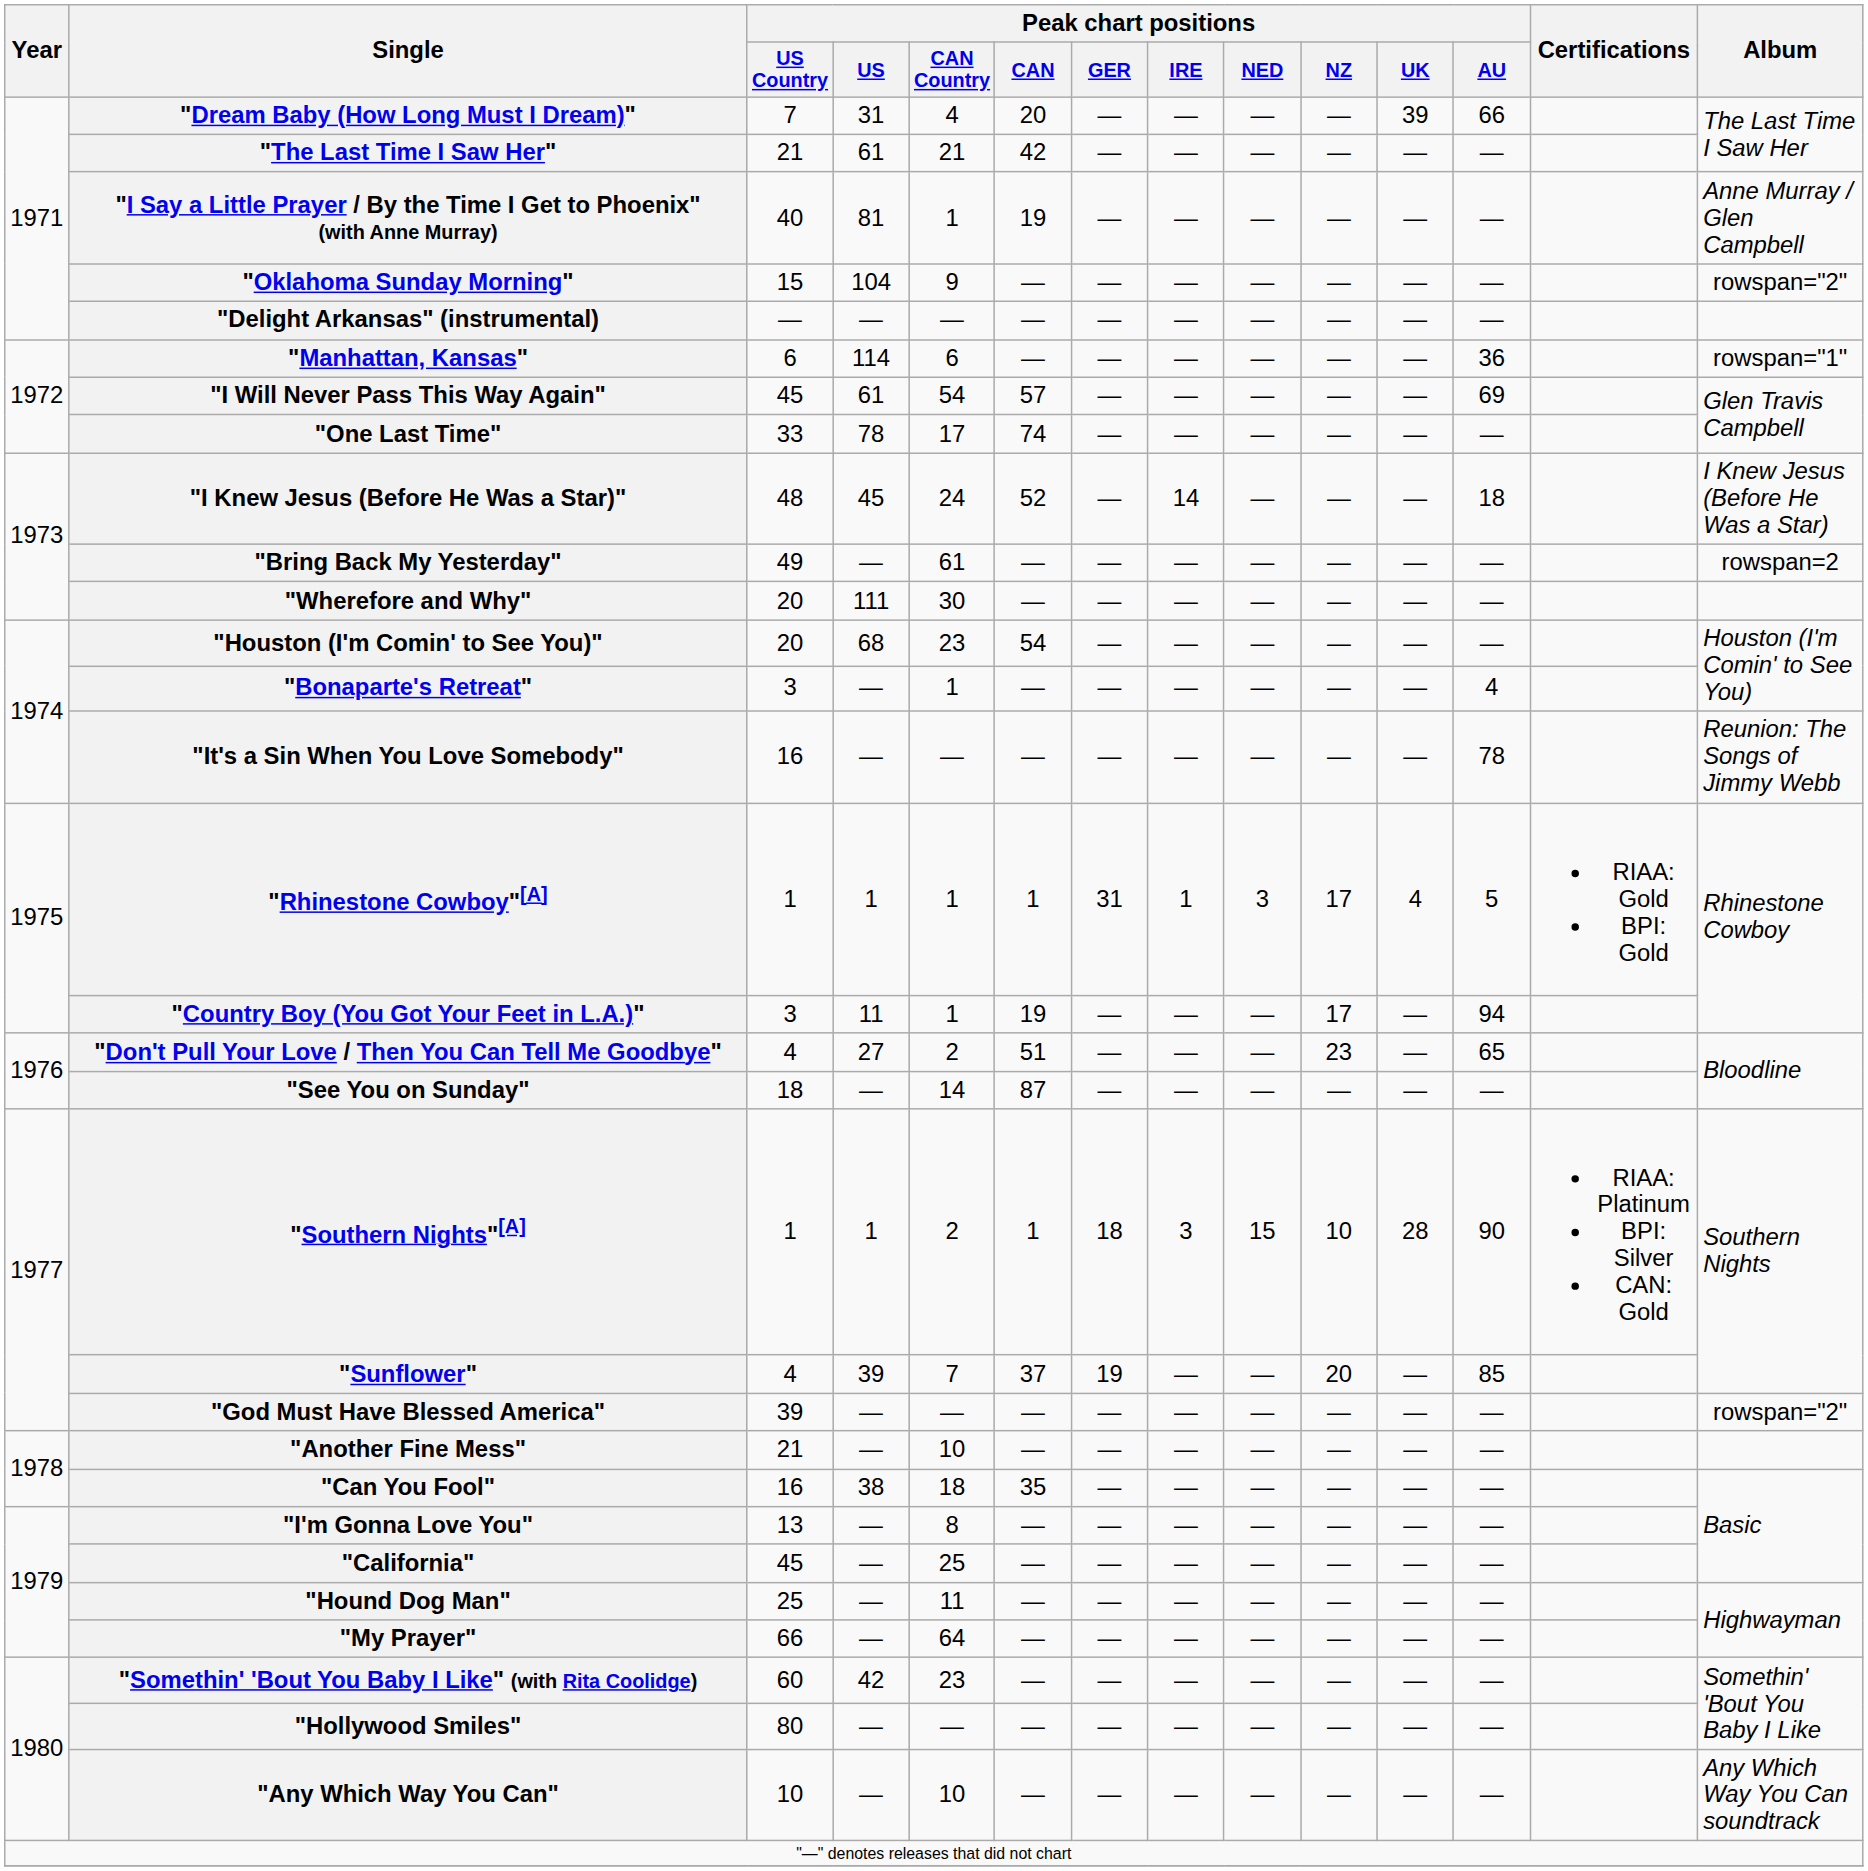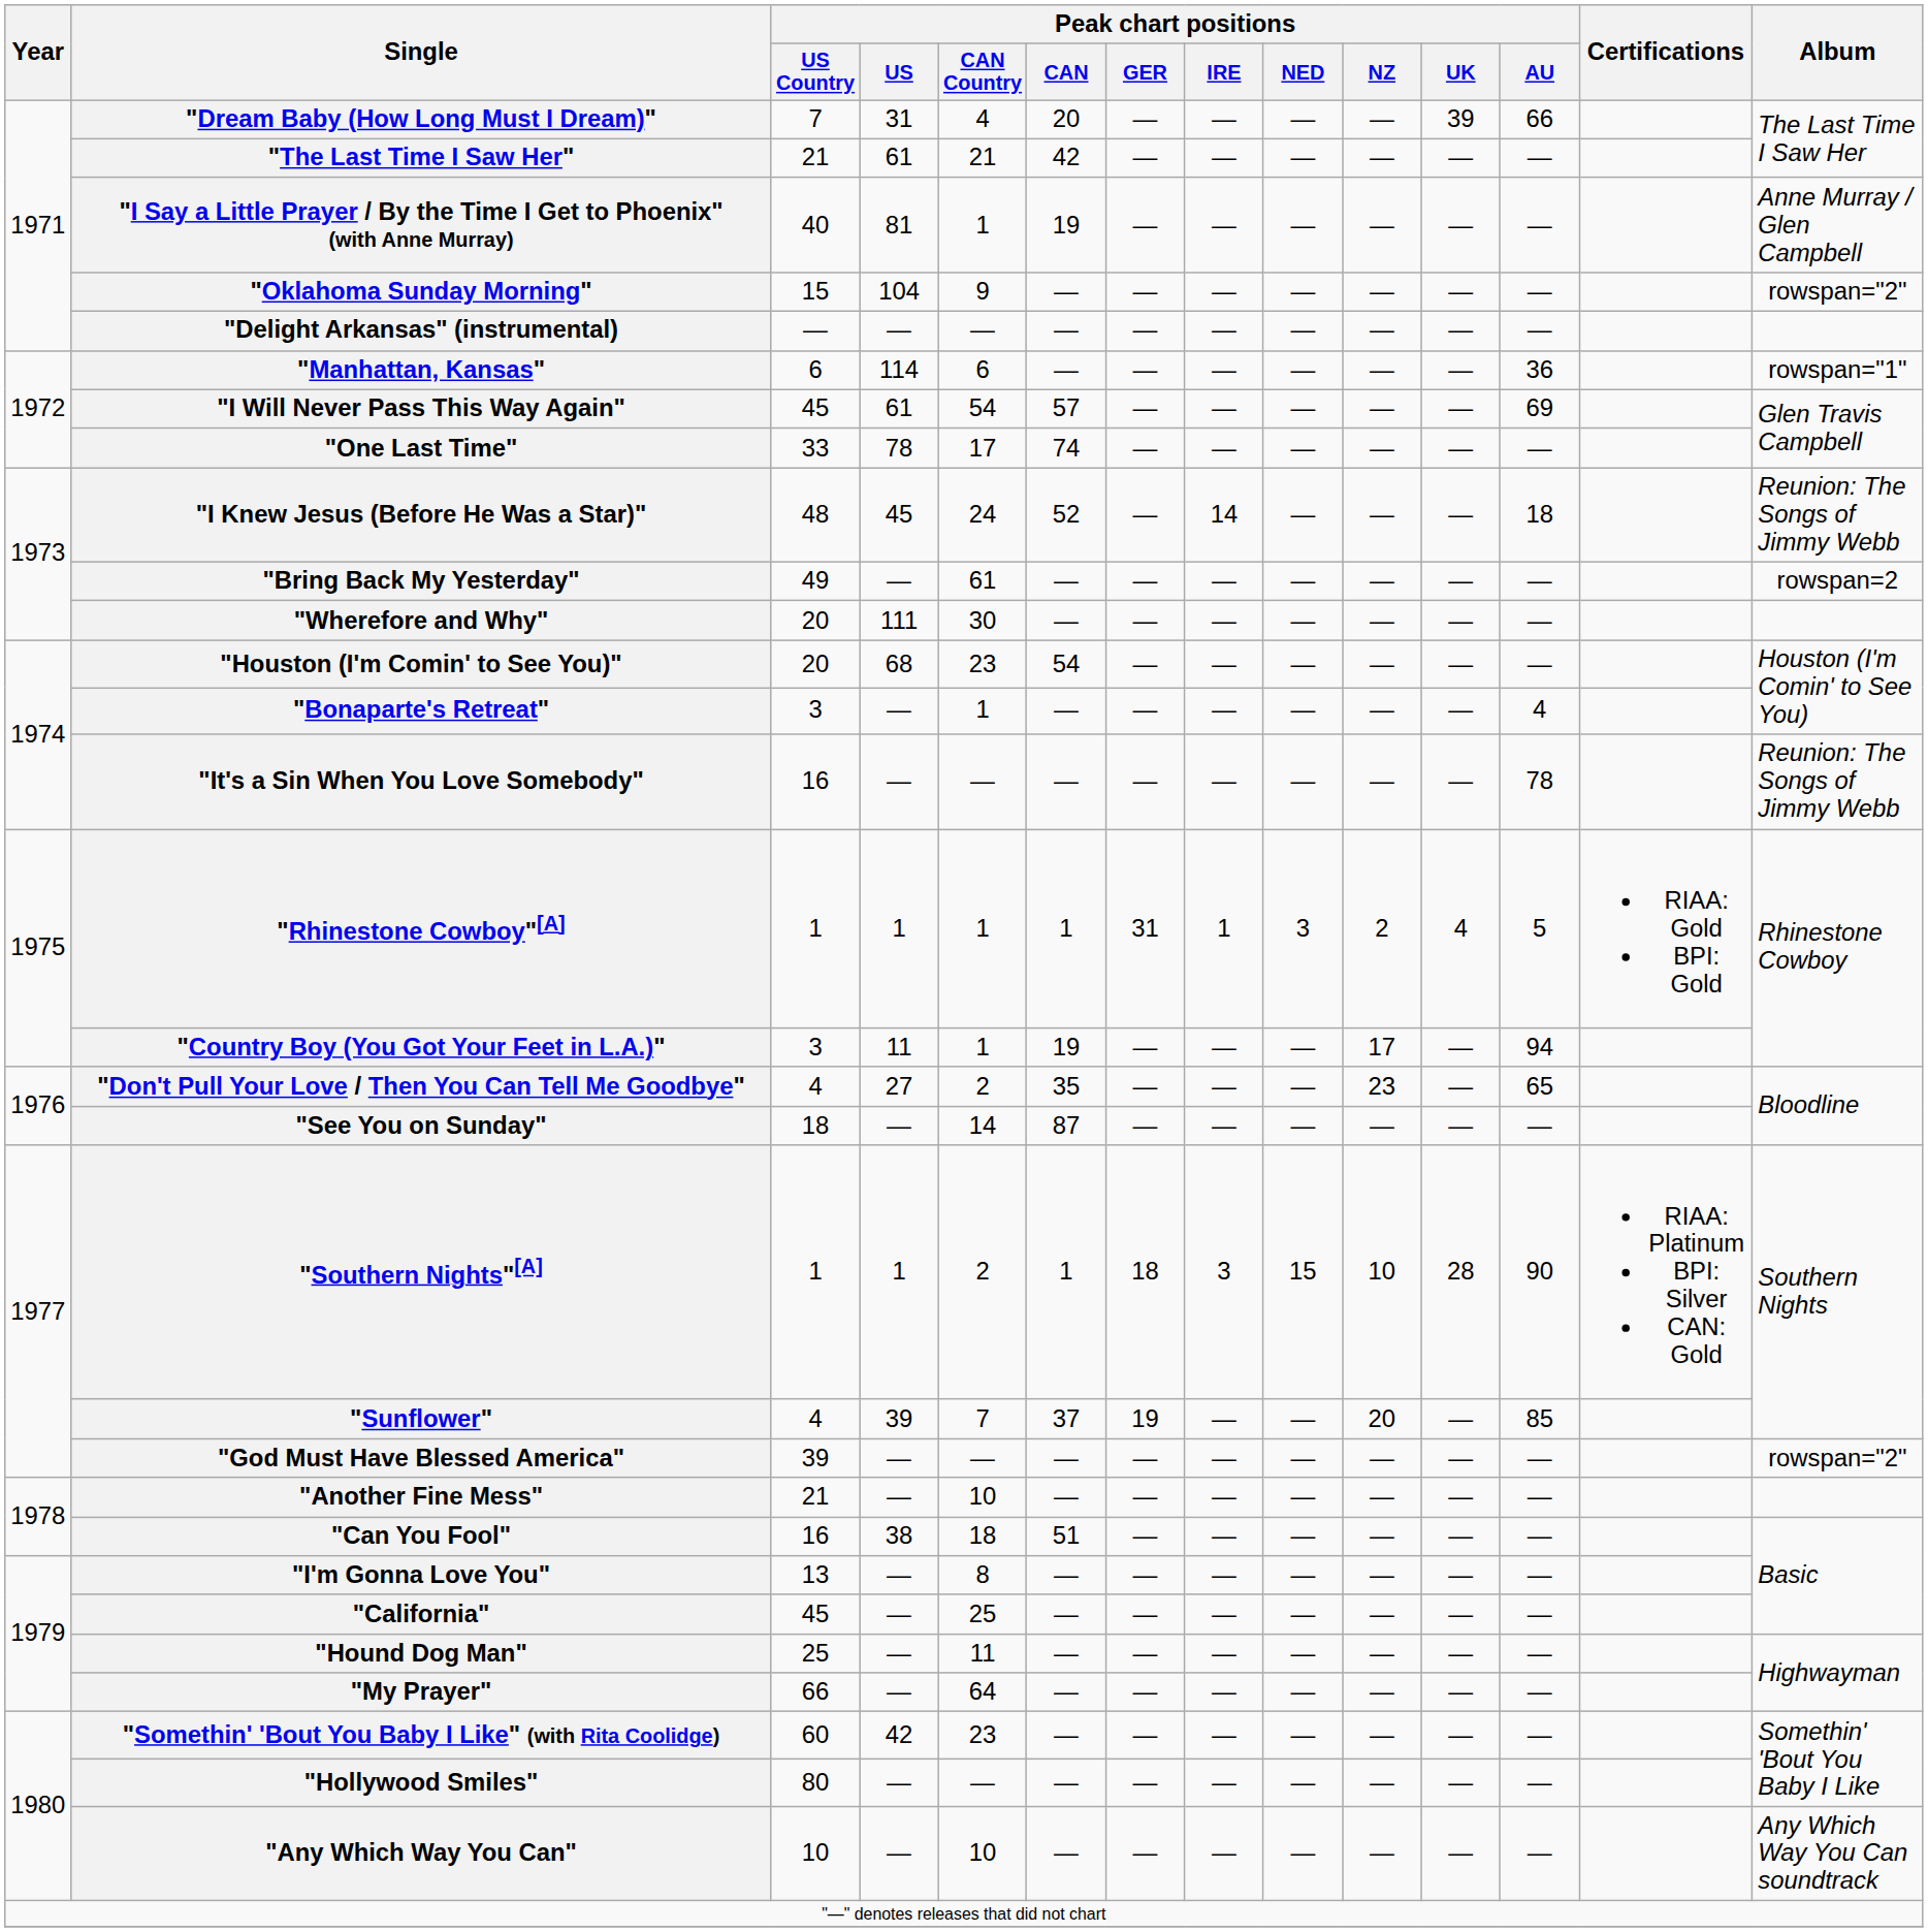 <table class="wikitable plainrowheaders" style="text-align:center;">
 <tr>
 <th rowspan="2">Year</th>
 <th rowspan="2" style="width:28em;">Single</th>
 <th colspan="10">Peak chart positions</th>
 <th rowspan="2">Certifications</th>
 <th rowspan="2">Album</th>
 </tr>
 <tr style="font-size:smaller;">
 <th width="45"><a href='#'>US Country</a><br></th>
 <th width="45"><a href='#'>US</a><br></th>
 <th width="45"><a href='#'>CAN Country</a><br></th>
 <th width="45"><a href='#'>CAN</a><br></th>
 <th width="45"><a href='#'>GER</a><br></th>
 <th width="45"><a href='#'>IRE</a><br></th>
 <th width="45"><a href='#'>NED</a><br></th>
 <th width="45"><a href='#'>NZ</a><br></th>
 <th width="45"><a href='#'>UK</a></th>
 <th width="45"><a href='#'>AU</a></th>
 </tr>
 <tr>
 <td rowspan="5">1971</td>
 <th scope="row">"<a href='#'>Dream Baby (How Long Must I Dream)</a>"</th>
 <td>7</td>
 <td>31</td>
 <td>4</td>
 <td>20</td>
 <td>—</td>
 <td>—</td>
 <td>—</td>
 <td>—</td>
 <td>39</td>
 <td>66</td>
 <td></td>
 <td align="left" rowspan="2"><em>The Last Time I Saw Her</em></td>
 </tr>
 <tr>
 <th scope="row">"<a href='#'>The Last Time I Saw Her</a>"</th>
 <td>21</td>
 <td>61</td>
 <td>21</td>
 <td>42</td>
 <td>—</td>
 <td>—</td>
 <td>—</td>
 <td>—</td>
 <td>—</td>
 <td>—</td>
 <td></td>
 </tr>
 <tr>
 <th scope="row">"<a href='#'>I Say a Little Prayer</a> / By the Time I Get to Phoenix"<br><small>(with Anne Murray)</small></th>
 <td>40</td>
 <td>81</td>
 <td>1</td>
 <td>19</td>
 <td>—</td>
 <td>—</td>
 <td>—</td>
 <td>—</td>
 <td>—</td>
 <td>—</td>
 <td></td>
 <td align="left"><em>Anne Murray / Glen Campbell</em></td>
 </tr>
 <tr>
 <th scope="row">"<a href='#'>Oklahoma Sunday Morning</a>"</th>
 <td>15</td>
 <td>104</td>
 <td>9</td>
 <td>—</td>
 <td>—</td>
 <td>—</td>
 <td>—</td>
 <td>—</td>
 <td>—</td>
 <td>—</td>
 <td></td>
 <td>rowspan="2" </td>
 </tr>
 <tr>
 <th scope="row">"Delight Arkansas" (instrumental)</th>
 <td>—</td>
 <td>—</td>
 <td>—</td>
 <td>—</td>
 <td>—</td>
 <td>—</td>
 <td>—</td>
 <td>—</td>
 <td>—</td>
 <td>—</td>
 <td></td>
 </tr>
 <tr>
 <td rowspan="3">1972</td>
 <th scope="row">"<a href='#'>Manhattan, Kansas</a>"</th>
 <td>6</td>
 <td>114</td>
 <td>6</td>
 <td>—</td>
 <td>—</td>
 <td>—</td>
 <td>—</td>
 <td>—</td>
 <td>—</td>
 <td>36</td>
 <td></td>
 <td>rowspan="1" </td>
 </tr>
 <tr>
 <th scope="row">"I Will Never Pass This Way Again"</th>
 <td>45</td>
 <td>61</td>
 <td>54</td>
 <td>57</td>
 <td>—</td>
 <td>—</td>
 <td>—</td>
 <td>—</td>
 <td>—</td>
 <td>69</td>
 <td></td>
 <td align="left" rowspan="2"><em>Glen Travis Campbell</em></td>
 </tr>
 <tr>
 <th scope="row">"One Last Time"</th>
 <td>33</td>
 <td>78</td>
 <td>17</td>
 <td>74</td>
 <td>—</td>
 <td>—</td>
 <td>—</td>
 <td>—</td>
 <td>—</td>
 <td>—</td>
 <td></td>
 </tr>
 <tr>
 <td rowspan="3">1973</td>
 <th scope="row">"I Knew Jesus (Before He Was a Star)"</th>
 <td>48</td>
 <td>45</td>
 <td>24</td>
 <td>52</td>
 <td>—</td>
 <td>14</td>
 <td>—</td>
 <td>—</td>
 <td>—</td>
 <td>18</td>
 <td></td>
-<td align="left"><em>I Knew Jesus (Before He Was a Star)</em></td>
+<td align="left"><em>Reunion: The Songs of Jimmy Webb</em></td>
 </tr>
 <tr>
 <th scope="row">"Bring Back My Yesterday"</th>
 <td>49</td>
 <td>—</td>
 <td>61</td>
 <td>—</td>
 <td>—</td>
 <td>—</td>
 <td>—</td>
 <td>—</td>
 <td>—</td>
 <td>—</td>
 <td></td>
 <td>rowspan=2 </td>
 </tr>
 <tr>
 <th scope="row">"Wherefore and Why"</th>
 <td>20</td>
 <td>111</td>
 <td>30</td>
 <td>—</td>
 <td>—</td>
 <td>—</td>
 <td>—</td>
 <td>—</td>
 <td>—</td>
 <td>—</td>
 <td></td>
 </tr>
 <tr>
 <td rowspan="3">1974</td>
 <th scope="row">"Houston (I'm Comin' to See You)"</th>
 <td>20</td>
 <td>68</td>
 <td>23</td>
 <td>54</td>
 <td>—</td>
 <td>—</td>
 <td>—</td>
 <td>—</td>
 <td>—</td>
 <td>—</td>
 <td></td>
 <td align="left" rowspan="2"><em>Houston (I'm Comin' to See You)</em></td>
 </tr>
 <tr>
 <th scope="row">"<a href='#'>Bonaparte's Retreat</a>"</th>
 <td>3</td>
 <td>—</td>
 <td>1</td>
 <td>—</td>
 <td>—</td>
 <td>—</td>
 <td>—</td>
 <td>—</td>
 <td>—</td>
 <td>4</td>
 <td></td>
 </tr>
 <tr>
 <th scope="row">"It's a Sin When You Love Somebody"</th>
 <td>16</td>
 <td>—</td>
 <td>—</td>
 <td>—</td>
 <td>—</td>
 <td>—</td>
 <td>—</td>
 <td>—</td>
 <td>—</td>
 <td>78</td>
 <td></td>
 <td align="left"><em>Reunion: The Songs of Jimmy Webb</em></td>
 </tr>
 <tr>
 <td rowspan="2">1975</td>
 <th scope="row">"<a href='#'>Rhinestone Cowboy</a>"<sup><span></span><a href='#'><strong>[A]</strong></a></sup></th>
 <td>1</td>
 <td>1</td>
 <td>1</td>
 <td>1</td>
 <td>31</td>
 <td>1</td>
 <td>3</td>
-<td>17</td>
+<td>2</td>
 <td>4</td>
 <td>5</td>
 <td><br><ul><li>RIAA: Gold</li><li>BPI: Gold</li></ul></td>
 <td align="left" rowspan="2"><em>Rhinestone Cowboy</em></td>
 </tr>
 <tr>
 <th scope="row">"<a href='#'>Country Boy (You Got Your Feet in L.A.)</a>"</th>
 <td>3</td>
 <td>11</td>
 <td>1</td>
 <td>19</td>
 <td>—</td>
 <td>—</td>
 <td>—</td>
 <td>17</td>
 <td>—</td>
 <td>94</td>
 <td></td>
 </tr>
 <tr>
 <td rowspan="2">1976</td>
 <th scope="row">"<a href='#'>Don't Pull Your Love</a> / <a href='#'>Then You Can Tell Me Goodbye</a>"</th>
 <td>4</td>
 <td>27</td>
 <td>2</td>
-<td>51</td>
+<td>35</td>
 <td>—</td>
 <td>—</td>
 <td>—</td>
 <td>23</td>
 <td>—</td>
 <td>65</td>
 <td></td>
 <td align="left" rowspan="2"><em>Bloodline</em></td>
 </tr>
 <tr>
 <th scope="row">"See You on Sunday"</th>
 <td>18</td>
 <td>—</td>
 <td>14</td>
 <td>87</td>
 <td>—</td>
 <td>—</td>
 <td>—</td>
 <td>—</td>
 <td>—</td>
 <td>—</td>
 <td></td>
 </tr>
 <tr>
 <td rowspan="3">1977</td>
 <th scope="row">"<a href='#'>Southern Nights</a>"<sup><span></span><a href='#'><strong>[A]</strong></a></sup></th>
 <td>1</td>
 <td>1</td>
 <td>2</td>
 <td>1</td>
 <td>18</td>
 <td>3</td>
 <td>15</td>
 <td>10</td>
 <td>28</td>
 <td>90</td>
 <td><br><ul><li>RIAA: Platinum</li><li>BPI: Silver</li><li>CAN: Gold</li></ul></td>
 <td align="left" rowspan="2"><em>Southern Nights</em></td>
 </tr>
 <tr>
 <th scope="row">"<a href='#'>Sunflower</a>"</th>
 <td>4</td>
 <td>39</td>
 <td>7</td>
 <td>37</td>
 <td>19</td>
 <td>—</td>
 <td>—</td>
 <td>20</td>
 <td>—</td>
 <td>85</td>
 <td></td>
 </tr>
 <tr>
 <th scope="row">"God Must Have Blessed America"</th>
 <td>39</td>
 <td>—</td>
 <td>—</td>
 <td>—</td>
 <td>—</td>
 <td>—</td>
 <td>—</td>
 <td>—</td>
 <td>—</td>
 <td>—</td>
 <td></td>
 <td>rowspan="2" </td>
 </tr>
 <tr>
 <td rowspan="2">1978</td>
 <th scope="row">"Another Fine Mess"</th>
 <td>21</td>
 <td>—</td>
 <td>10</td>
 <td>—</td>
 <td>—</td>
 <td>—</td>
 <td>—</td>
 <td>—</td>
 <td>—</td>
 <td>—</td>
 <td></td>
 </tr>
 <tr>
 <th scope="row">"Can You Fool"</th>
 <td>16</td>
 <td>38</td>
 <td>18</td>
-<td>35</td>
+<td>51</td>
 <td>—</td>
 <td>—</td>
 <td>—</td>
 <td>—</td>
 <td>—</td>
 <td>—</td>
 <td></td>
 <td align="left" rowspan="3"><em>Basic</em></td>
 </tr>
 <tr>
 <td rowspan="4">1979</td>
 <th scope="row">"I'm Gonna Love You"</th>
 <td>13</td>
 <td>—</td>
 <td>8</td>
 <td>—</td>
 <td>—</td>
 <td>—</td>
 <td>—</td>
 <td>—</td>
 <td>—</td>
 <td>—</td>
 <td></td>
 </tr>
 <tr>
 <th scope="row">"California"</th>
 <td>45</td>
 <td>—</td>
 <td>25</td>
 <td>—</td>
 <td>—</td>
 <td>—</td>
 <td>—</td>
 <td>—</td>
 <td>—</td>
 <td>—</td>
 <td></td>
 </tr>
 <tr>
 <th scope="row">"Hound Dog Man"</th>
 <td>25</td>
 <td>—</td>
 <td>11</td>
 <td>—</td>
 <td>—</td>
 <td>—</td>
 <td>—</td>
 <td>—</td>
 <td>—</td>
 <td>—</td>
 <td></td>
 <td align="left" rowspan="2"><em>Highwayman</em></td>
 </tr>
 <tr>
 <th scope="row">"My Prayer"</th>
 <td>66</td>
 <td>—</td>
 <td>64</td>
 <td>—</td>
 <td>—</td>
 <td>—</td>
 <td>—</td>
 <td>—</td>
 <td>—</td>
 <td>—</td>
 <td></td>
 </tr>
 <tr>
 <td rowspan="3">1980</td>
 <th scope="row">"<a href='#'>Somethin' 'Bout You Baby I Like</a>" <small>(with <a href='#'>Rita Coolidge</a>)</small></th>
 <td>60</td>
 <td>42</td>
 <td>23</td>
 <td>—</td>
 <td>—</td>
 <td>—</td>
 <td>—</td>
 <td>—</td>
 <td>—</td>
 <td>—</td>
 <td></td>
 <td align="left" rowspan="2"><em>Somethin' 'Bout You Baby I Like</em></td>
 </tr>
 <tr>
 <th scope="row">"Hollywood Smiles"</th>
 <td>80</td>
 <td>—</td>
 <td>—</td>
 <td>—</td>
 <td>—</td>
 <td>—</td>
 <td>—</td>
 <td>—</td>
 <td>—</td>
 <td>—</td>
 <td></td>
 </tr>
 <tr>
 <th scope="row">"Any Which Way You Can"</th>
 <td>10</td>
 <td>—</td>
 <td>10</td>
 <td>—</td>
 <td>—</td>
 <td>—</td>
 <td>—</td>
 <td>—</td>
 <td>—</td>
 <td>—</td>
 <td></td>
 <td align="left"><em>Any Which Way You Can soundtrack</em></td>
 </tr>
 <tr>
 <td colspan="15" style="font-size:8pt">"—" denotes releases that did not chart</td>
 </tr>
 <tr>
 </tr>
 </table>
